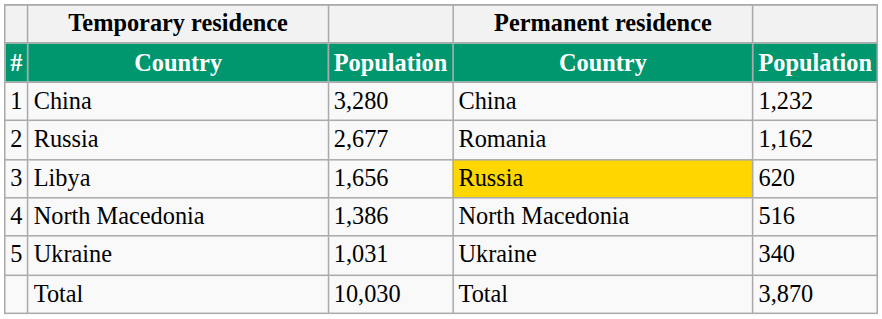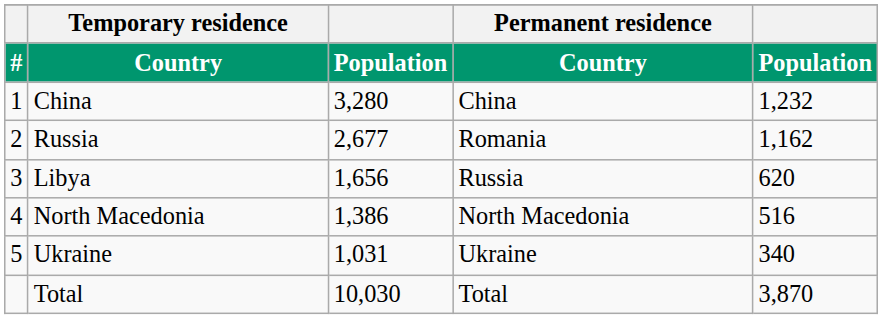 <table class="wikitable">
 <tr>
 </tr>
 <tr>
 <th></th>
 <th>Temporary residence</th>
 <th></th>
 <th>Permanent residence</th>
 <th></th>
 </tr>
 <tr style="color:white;">
 <th style="width:5px; background:#00966E;">#</th>
 <th style="width:190px; background:#00966E;">Country</th>
 <th style="width:50px; background:#00966E;">Population</th>
 <th style="width:190px; background:#00966E;">Country</th>
 <th style="width:50px; background:#00966E;">Population</th>
 </tr>
 <tr>
 <td>1</td>
 <td> China</td>
 <td>3,280</td>
 <td> China</td>
 <td>1,232</td>
 </tr>
 <tr>
 <td>2</td>
 <td> Russia</td>
 <td>2,677</td>
 <td> Romania</td>
 <td>1,162</td>
 </tr>
 <tr>
 <td>3</td>
 <td> Libya</td>
 <td>1,656</td>
-<td style="background: gold;"> Russia</td>
+<td> Russia</td>
 <td>620</td>
 </tr>
 <tr>
 <td>4</td>
 <td> North Macedonia</td>
 <td>1,386</td>
 <td> North Macedonia</td>
 <td>516</td>
 </tr>
 <tr>
 <td>5</td>
 <td> Ukraine</td>
 <td>1,031</td>
 <td> Ukraine</td>
 <td>340</td>
 </tr>
 <tr>
 <td></td>
 <td>Total</td>
 <td>10,030</td>
 <td>Total</td>
 <td>3,870</td>
 </tr>
 </table>
